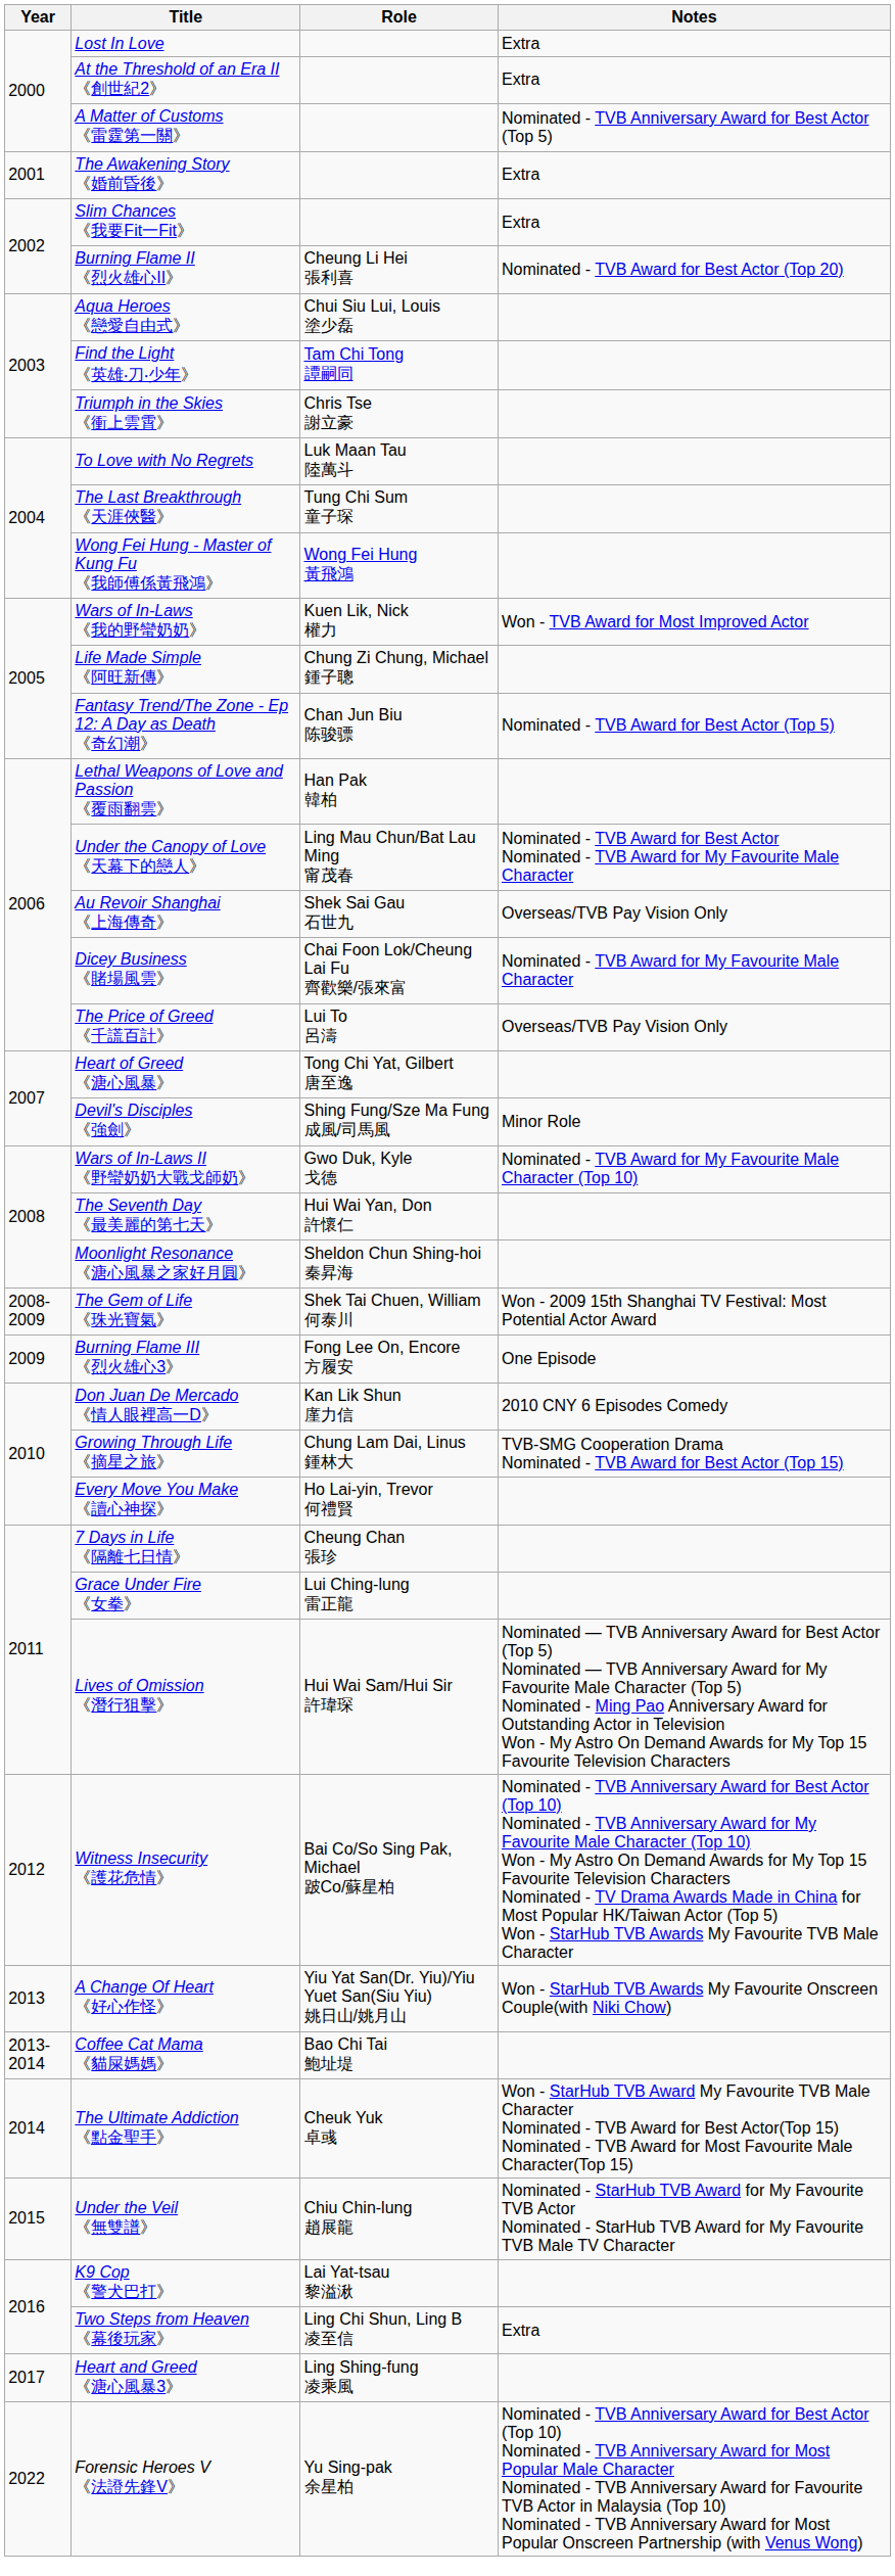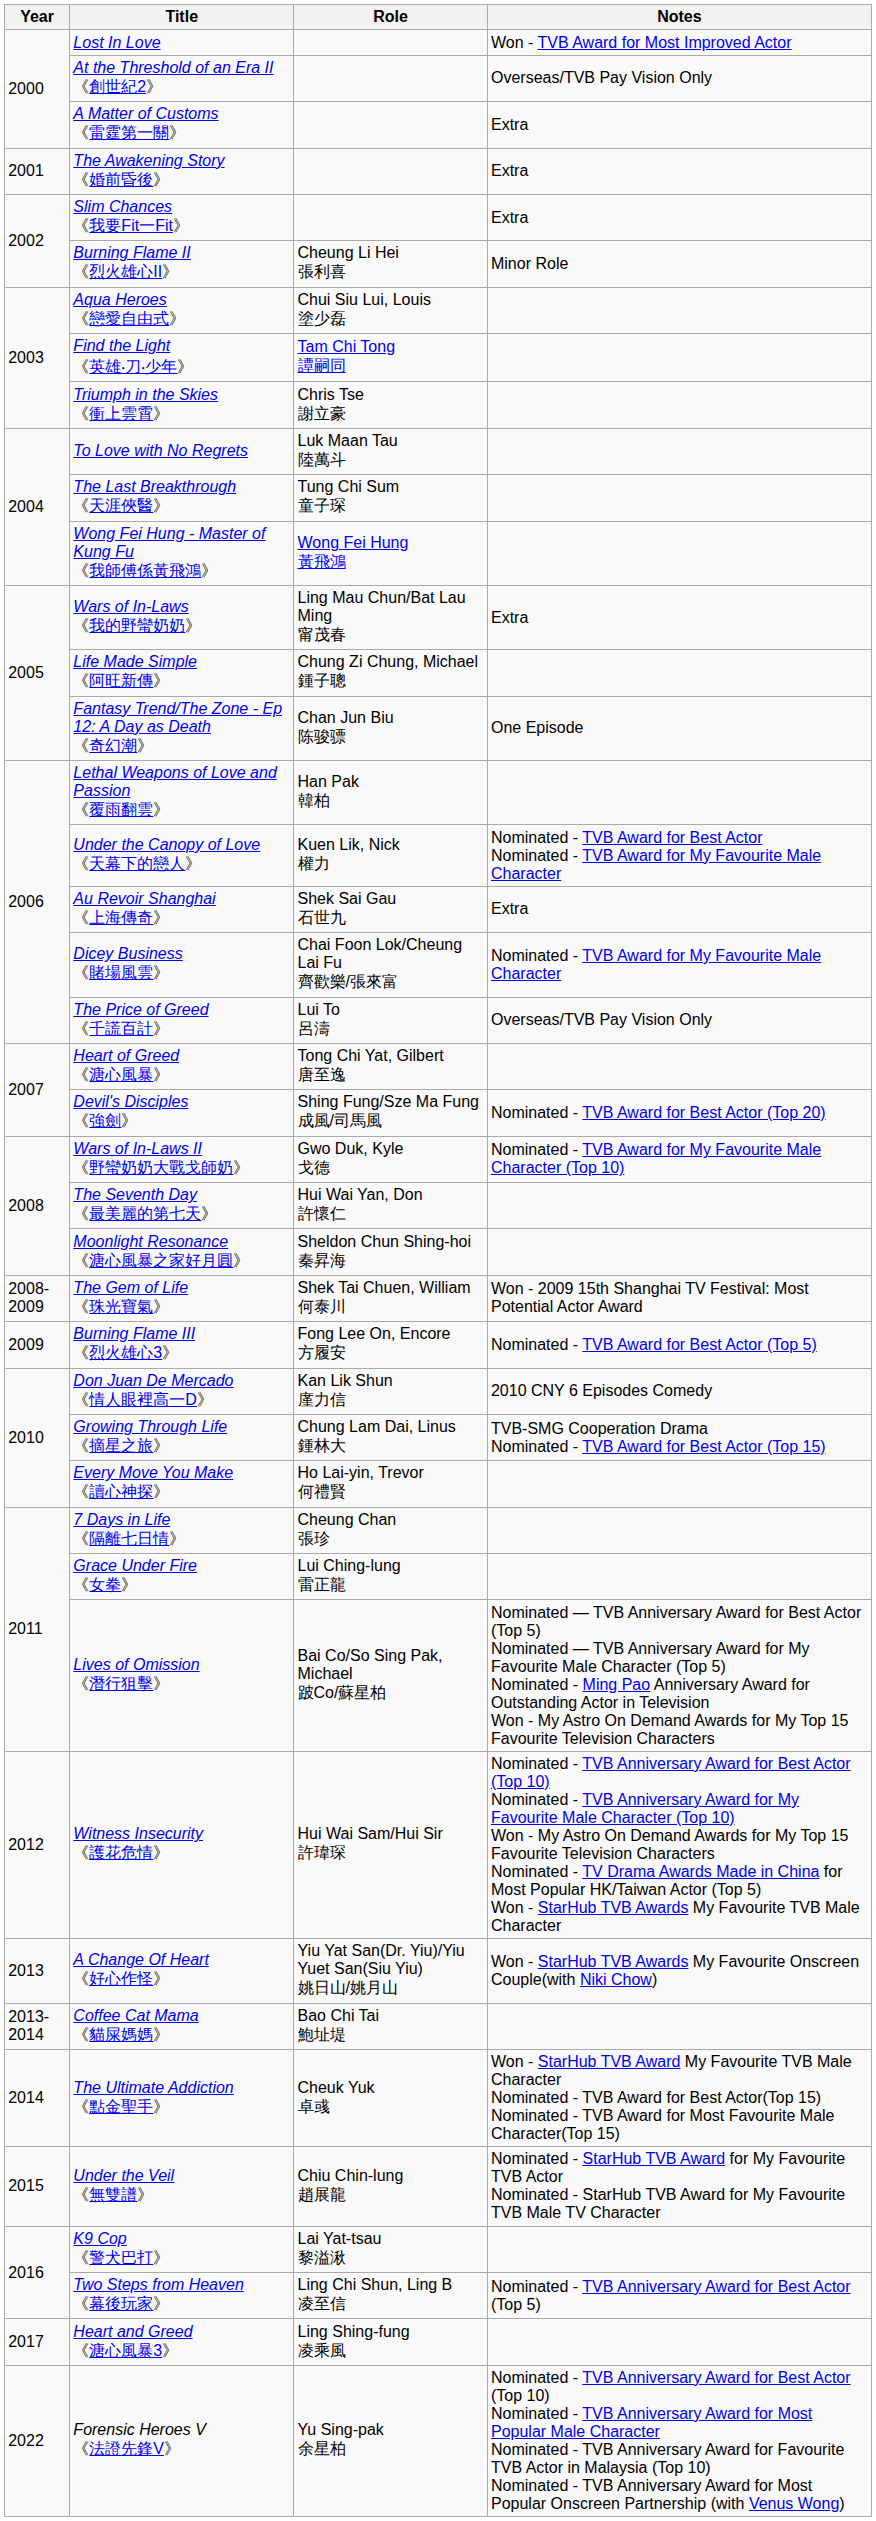 <table class="wikitable sortable">
 <tr>
 <th>Year</th>
 <th>Title</th>
 <th>Role</th>
 <th class="unsortable">Notes</th>
 </tr>
 <tr>
 <td rowspan=3>2000</td>
 <td><em><a href='#'>Lost In Love</a></em></td>
 <td></td>
-<td>Extra</td>
+<td>Won - <a href='#'>TVB Award for Most Improved Actor</a></td>
 </tr>
 <tr>
 <td><em><a href='#'>At the Threshold of an Era II</a></em> <br> 《<a href='#'>創世紀2</a>》</td>
 <td></td>
-<td>Extra</td>
+<td>Overseas/TVB Pay Vision Only</td>
 </tr>
 <tr>
 <td><em><a href='#'>A Matter of Customs</a></em> <br> 《<a href='#'>雷霆第一關</a>》</td>
 <td></td>
-<td>Nominated - <a href='#'>TVB Anniversary Award for Best Actor</a> (Top 5)</td>
+<td>Extra</td>
 </tr>
 <tr>
 <td>2001</td>
 <td><em><a href='#'>The Awakening Story</a></em> <br> 《<a href='#'>婚前昏後</a>》</td>
 <td></td>
 <td>Extra</td>
 </tr>
 <tr>
 <td rowspan=2>2002</td>
 <td><em><a href='#'>Slim Chances</a></em> <br> 《<a href='#'>我要Fit一Fit</a>》</td>
 <td></td>
 <td>Extra</td>
 </tr>
 <tr>
 <td><em><a href='#'>Burning Flame II</a></em> <br> 《<a href='#'>烈火雄心II</a>》</td>
 <td>Cheung Li Hei<br>張利喜</td>
-<td>Nominated - <a href='#'>TVB Award for Best Actor (Top 20)</a></td>
+<td>Minor Role</td>
 </tr>
 <tr>
 <td rowspan=3>2003</td>
 <td><em><a href='#'>Aqua Heroes</a></em> <br> 《<a href='#'>戀愛自由式</a>》</td>
 <td>Chui Siu Lui, Louis<br>塗少磊</td>
 <td></td>
 </tr>
 <tr>
 <td><em><a href='#'>Find the Light</a></em> <br> 《<a href='#'>英雄‧刀‧少年</a>》</td>
 <td><a href='#'>Tam Chi Tong</a><br><a href='#'>譚嗣同</a></td>
 <td></td>
 </tr>
 <tr>
 <td><em><a href='#'>Triumph in the Skies</a></em> <br> 《<a href='#'>衝上雲霄</a>》</td>
 <td>Chris Tse<br>謝立豪</td>
 <td></td>
 </tr>
 <tr>
 <td rowspan=3>2004</td>
 <td><em><a href='#'>To Love with No Regrets</a></em></td>
 <td>Luk Maan Tau<br>陸萬斗</td>
 <td></td>
 </tr>
 <tr>
 <td><em><a href='#'>The Last Breakthrough</a></em> <br> 《<a href='#'>天涯俠醫</a>》</td>
 <td>Tung Chi Sum<br>童子琛</td>
 <td></td>
 </tr>
 <tr>
 <td><em><a href='#'>Wong Fei Hung - Master of Kung Fu</a></em> <br> 《<a href='#'>我師傅係黃飛鴻</a>》</td>
 <td><a href='#'>Wong Fei Hung</a><br><a href='#'>黃飛鴻</a></td>
 <td></td>
 </tr>
 <tr>
 <td rowspan=3>2005</td>
 <td><em><a href='#'>Wars of In-Laws</a></em> <br> 《<a href='#'>我的野蠻奶奶</a>》</td>
-<td>Kuen Lik, Nick<br>權力</td>
-<td>Won - <a href='#'>TVB Award for Most Improved Actor</a></td>
+<td>Ling Mau Chun/Bat Lau Ming<br>甯茂春</td>
+<td>Extra</td>
 </tr>
 <tr>
 <td><em><a href='#'>Life Made Simple</a></em> <br> 《<a href='#'>阿旺新傳</a>》</td>
 <td>Chung Zi Chung, Michael<br>鍾子聰</td>
 <td></td>
 </tr>
 <tr>
 <td><em><a href='#'>Fantasy Trend/The Zone - Ep 12: A Day as Death</a></em> <br> 《<a href='#'>奇幻潮</a>》</td>
 <td>Chan Jun Biu<br>陈骏骠</td>
-<td>Nominated - <a href='#'>TVB Award for Best Actor (Top 5)</a></td>
+<td>One Episode</td>
 </tr>
 <tr>
 <td rowspan=5>2006</td>
 <td><em><a href='#'>Lethal Weapons of Love and Passion</a></em> <br> 《<a href='#'>覆雨翻雲</a>》</td>
 <td>Han Pak<br>韓柏</td>
 <td></td>
 </tr>
 <tr>
 <td><em><a href='#'>Under the Canopy of Love</a></em> <br> 《<a href='#'>天幕下的戀人</a>》</td>
-<td>Ling Mau Chun/Bat Lau Ming<br>甯茂春</td>
+<td>Kuen Lik, Nick<br>權力</td>
 <td>Nominated - <a href='#'>TVB Award for Best Actor</a><br>Nominated - <a href='#'>TVB Award for My Favourite Male Character</a></td>
 </tr>
 <tr>
 <td><em><a href='#'>Au Revoir Shanghai</a></em> <br> 《<a href='#'>上海傳奇</a>》</td>
 <td>Shek Sai Gau<br>石世九</td>
-<td>Overseas/TVB Pay Vision Only</td>
+<td>Extra</td>
 </tr>
 <tr>
 <td><em><a href='#'>Dicey Business</a></em> <br> 《<a href='#'>賭場風雲</a>》</td>
 <td>Chai Foon Lok/Cheung Lai Fu<br>齊歡樂/張來富</td>
 <td>Nominated - <a href='#'>TVB Award for My Favourite Male Character</a></td>
 </tr>
 <tr>
 <td><em><a href='#'>The Price of Greed</a></em> <br> 《<a href='#'>千謊百計</a>》</td>
 <td>Lui To<br>呂濤</td>
 <td>Overseas/TVB Pay Vision Only</td>
 </tr>
 <tr>
 <td rowspan=2>2007</td>
 <td><em><a href='#'>Heart of Greed</a></em> <br> 《<a href='#'>溏心風暴</a>》</td>
 <td>Tong Chi Yat, Gilbert<br>唐至逸</td>
 <td></td>
 </tr>
 <tr>
 <td><em><a href='#'>Devil's Disciples</a></em> <br> 《<a href='#'>強劍</a>》</td>
 <td>Shing Fung/Sze Ma Fung<br>成風/司馬風</td>
-<td>Minor Role</td>
+<td>Nominated - <a href='#'>TVB Award for Best Actor (Top 20)</a></td>
 </tr>
 <tr>
 <td rowspan=3>2008</td>
 <td><em><a href='#'>Wars of In-Laws II</a></em> <br> 《<a href='#'>野蠻奶奶大戰戈師奶</a>》</td>
 <td>Gwo Duk, Kyle <br>戈德</td>
 <td>Nominated - <a href='#'>TVB Award for My Favourite Male Character (Top 10)</a></td>
 </tr>
 <tr>
 <td><em><a href='#'>The Seventh Day</a></em> <br> 《<a href='#'>最美麗的第七天</a>》</td>
 <td>Hui Wai Yan, Don<br>許懷仁</td>
 <td></td>
 </tr>
 <tr>
 <td><em><a href='#'>Moonlight Resonance</a></em> <br> 《<a href='#'>溏心風暴之家好月圓</a>》</td>
 <td>Sheldon Chun Shing-hoi<br>秦昇海</td>
 <td></td>
 </tr>
 <tr>
 <td>2008-2009</td>
 <td><em><a href='#'>The Gem of Life</a></em> <br> 《<a href='#'>珠光寶氣</a>》</td>
 <td>Shek Tai Chuen, William<br>何泰川</td>
 <td>Won - 2009 15th Shanghai TV Festival: Most Potential Actor Award</td>
 </tr>
 <tr>
 <td>2009</td>
 <td><em><a href='#'>Burning Flame III</a></em> <br> 《<a href='#'>烈火雄心3</a>》</td>
 <td>Fong Lee On, Encore<br>方履安</td>
-<td>One Episode</td>
+<td>Nominated - <a href='#'>TVB Award for Best Actor (Top 5)</a></td>
 </tr>
 <tr>
 <td rowspan=3>2010</td>
 <td><em><a href='#'>Don Juan De Mercado</a></em> <br> 《<a href='#'>情人眼裡高一D</a>》</td>
 <td>Kan Lik Shun<br>廑力信</td>
 <td>2010 CNY 6 Episodes Comedy</td>
 </tr>
 <tr>
 <td><em><a href='#'>Growing Through Life</a></em> <br> 《<a href='#'>摘星之旅</a>》</td>
 <td>Chung Lam Dai, Linus<br>鍾林大</td>
 <td>TVB-SMG Cooperation Drama<br>Nominated - <a href='#'>TVB Award for Best Actor (Top 15)</a></td>
 </tr>
 <tr>
 <td><em><a href='#'>Every Move You Make</a></em><br> 《<a href='#'>讀心神探</a>》</td>
 <td>Ho Lai-yin, Trevor<br>何禮賢</td>
 <td></td>
 </tr>
 <tr>
 <td rowspan=3>2011</td>
 <td><em><a href='#'>7 Days in Life</a></em><br> 《<a href='#'>隔離七日情</a>》</td>
 <td>Cheung Chan<br>張珍</td>
 <td></td>
 </tr>
 <tr>
 <td><em><a href='#'>Grace Under Fire</a></em><br> 《<a href='#'>女拳</a>》</td>
 <td>Lui Ching-lung<br>雷正龍</td>
 <td></td>
 </tr>
 <tr>
 <td><em><a href='#'>Lives of Omission</a></em> <br> 《<a href='#'>潛行狙擊</a>》</td>
-<td>Hui Wai Sam/Hui Sir<br>許瑋琛</td>
+<td>Bai Co/So Sing Pak, Michael<br>跛Co/蘇星柏</td>
 <td>Nominated — TVB Anniversary Award for Best Actor (Top 5)<br>Nominated — TVB Anniversary Award for My Favourite Male Character (Top 5)<br>Nominated - <a href='#'>Ming Pao</a> Anniversary Award for Outstanding Actor in Television<br>Won - My Astro On Demand Awards for My Top 15 Favourite Television Characters</td>
 </tr>
 <tr>
 <td rowspan=1>2012</td>
 <td><em><a href='#'>Witness Insecurity</a></em> <br> 《<a href='#'>護花危情</a>》</td>
-<td>Bai Co/So Sing Pak, Michael<br>跛Co/蘇星柏</td>
+<td>Hui Wai Sam/Hui Sir<br>許瑋琛</td>
 <td>Nominated - <a href='#'>TVB Anniversary Award for Best Actor (Top 10)</a><br>Nominated - <a href='#'>TVB Anniversary Award for My Favourite Male Character (Top 10)</a><br>Won - My Astro On Demand Awards for My Top 15 Favourite Television Characters<br>Nominated - <a href='#'>TV Drama Awards Made in China</a> for Most Popular HK/Taiwan Actor (Top 5)<br>Won - <a href='#'>StarHub TVB Awards</a> My Favourite TVB Male Character</td>
 </tr>
 <tr>
 <td rowspan=1>2013</td>
 <td><em><a href='#'>A Change Of Heart</a></em><br> 《<a href='#'>好心作怪</a>》</td>
 <td>Yiu Yat San(Dr. Yiu)/Yiu Yuet San(Siu Yiu)<br>姚日山/姚月山</td>
 <td>Won - <a href='#'>StarHub TVB Awards</a> My Favourite Onscreen Couple(with <a href='#'>Niki Chow</a>)</td>
 </tr>
 <tr>
 <td>2013-2014</td>
 <td><em><a href='#'>Coffee Cat Mama</a></em> <br> 《<a href='#'>貓屎媽媽</a>》</td>
 <td>Bao Chi Tai <br>鮑址堤</td>
 <td></td>
 </tr>
 <tr>
 <td>2014</td>
 <td><em><a href='#'>The Ultimate Addiction</a></em><br>《<a href='#'>點金聖手</a>》</td>
 <td>Cheuk Yuk<br>卓彧</td>
 <td>Won - <a href='#'>StarHub TVB Award</a> My Favourite TVB Male Character<br>Nominated - TVB Award for Best Actor(Top 15)<br>Nominated - TVB Award for Most Favourite Male Character(Top 15)</td>
 </tr>
 <tr>
 <td rowspan=1>2015</td>
 <td><em><a href='#'>Under the Veil</a></em><br>《<a href='#'>無雙譜</a>》</td>
 <td>Chiu Chin-lung<br>趙展龍</td>
 <td>Nominated - <a href='#'>StarHub TVB Award</a> for My Favourite TVB Actor<br>Nominated - StarHub TVB Award for My Favourite TVB Male TV Character</td>
 </tr>
 <tr>
 <td rowspan=2>2016</td>
 <td><em><a href='#'>K9 Cop</a></em><br>《<a href='#'>警犬巴打</a>》</td>
 <td>Lai Yat-tsau<br>黎溢湫</td>
 <td></td>
 </tr>
 <tr>
 <td><em><a href='#'>Two Steps from Heaven</a></em><br>《<a href='#'>幕後玩家</a>》</td>
 <td>Ling Chi Shun, Ling B<br>凌至信</td>
-<td>Extra</td>
+<td>Nominated - <a href='#'>TVB Anniversary Award for Best Actor</a> (Top 5)</td>
 </tr>
 <tr>
 <td>2017</td>
 <td><em><a href='#'>Heart and Greed</a></em><br>《<a href='#'>溏心風暴3</a>》</td>
 <td>Ling Shing-fung<br>凌乘風</td>
 <td></td>
 </tr>
 <tr>
 <td>2022</td>
 <td><em>Forensic Heroes V</em><br>《<a href='#'>法證先鋒V</a>》</td>
 <td>Yu Sing-pak<br>余星柏</td>
 <td>Nominated - <a href='#'>TVB Anniversary Award for Best Actor</a> (Top 10)<br> Nominated - <a href='#'>TVB Anniversary Award for Most Popular Male Character</a> <br> Nominated - TVB Anniversary Award for Favourite TVB Actor in Malaysia (Top 10)<br> Nominated - TVB Anniversary Award for Most Popular Onscreen Partnership (with <a href='#'>Venus Wong</a>)</td>
 </tr>
 </table>
